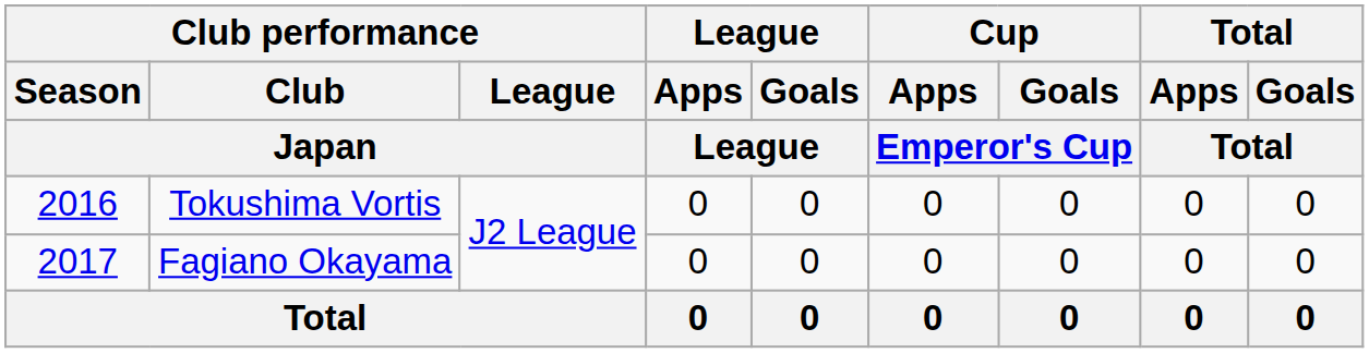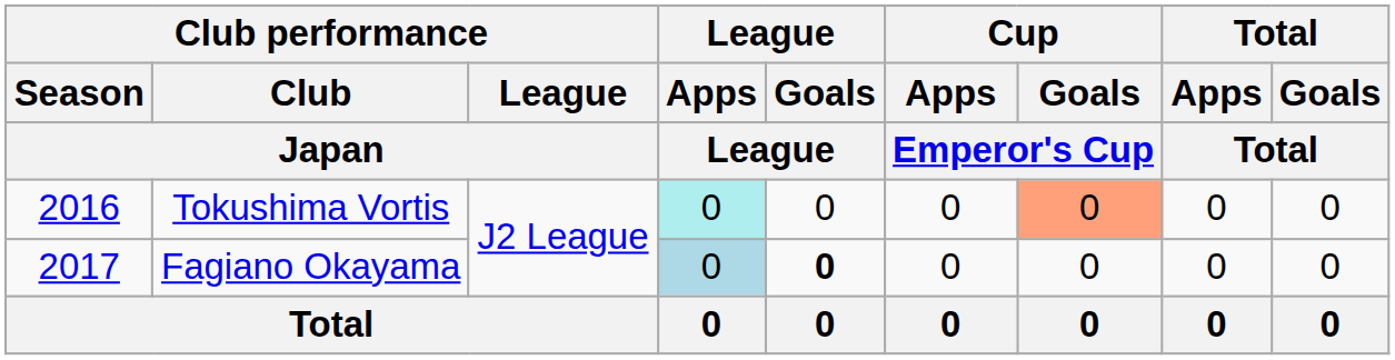 <table class="wikitable" style="text-align:center;">
 <tr>
 <th colspan=3>Club performance</th>
 <th colspan=2>League</th>
 <th colspan=2>Cup</th>
 <th colspan=2>Total</th>
 </tr>
 <tr>
 <th>Season</th>
 <th>Club</th>
 <th>League</th>
 <th>Apps</th>
 <th>Goals</th>
 <th>Apps</th>
 <th>Goals</th>
 <th>Apps</th>
 <th>Goals</th>
 </tr>
 <tr>
 <th colspan=3>Japan</th>
 <th colspan=2>League</th>
 <th colspan=2><a href='#'>Emperor's Cup</a></th>
 <th colspan=2>Total</th>
 </tr>
 <tr>
 <td><a href='#'>2016</a></td>
 <td><a href='#'>Tokushima Vortis</a></td>
 <td rowspan="2"><a href='#'>J2 League</a></td>
+<td style="background: paleturquoise;">0</td>
 <td>0</td>
 <td>0</td>
-<td>0</td>
-<td>0</td>
+<td style="background: lightsalmon;">0</td>
 <td>0</td>
 <td>0</td>
 </tr>
 <tr>
 <td><a href='#'>2017</a></td>
 <td><a href='#'>Fagiano Okayama</a></td>
-<td>0</td>
-<td>0</td>
+<td style="background: lightblue;">0</td>
+<td><strong>0</strong></td>
 <td>0</td>
 <td>0</td>
 <td>0</td>
 <td>0</td>
 </tr>
 <tr>
 <th colspan=3>Total</th>
 <th>0</th>
 <th>0</th>
 <th>0</th>
 <th>0</th>
 <th>0</th>
 <th>0</th>
 </tr>
 </table>
